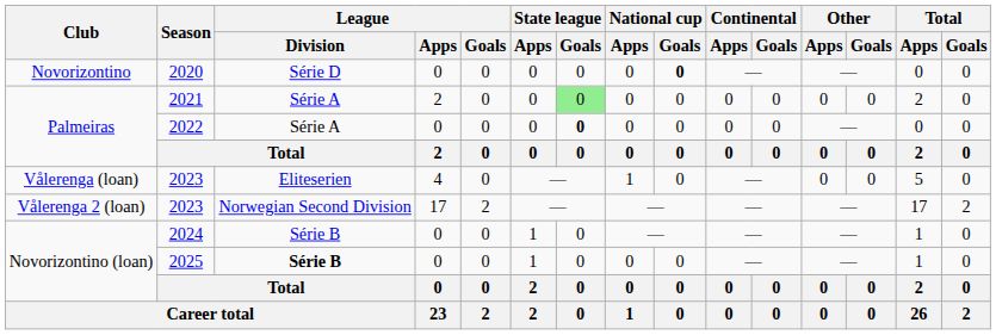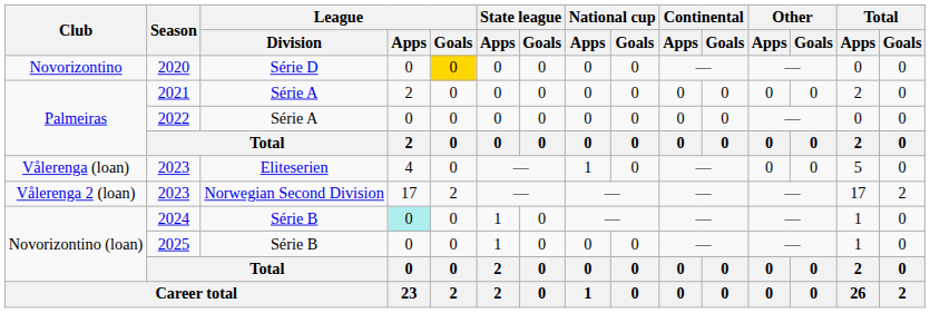 <table class="wikitable" style="text-align:center">
 <tr>
 <th rowspan="2">Club</th>
 <th rowspan="2">Season</th>
 <th colspan="3">League</th>
 <th colspan="2">State league</th>
 <th colspan="2">National cup</th>
 <th colspan="2">Continental</th>
 <th colspan="2">Other</th>
 <th colspan="2">Total</th>
 </tr>
 <tr>
 <th>Division</th>
 <th>Apps</th>
 <th>Goals</th>
 <th>Apps</th>
 <th>Goals</th>
 <th>Apps</th>
 <th>Goals</th>
 <th>Apps</th>
 <th>Goals</th>
 <th>Apps</th>
 <th>Goals</th>
 <th>Apps</th>
 <th>Goals</th>
 </tr>
 <tr>
 <td><a href='#'>Novorizontino</a></td>
 <td><a href='#'>2020</a></td>
 <td><a href='#'>Série D</a></td>
 <td>0</td>
+<td style="background: gold;">0</td>
 <td>0</td>
 <td>0</td>
 <td>0</td>
 <td>0</td>
-<td><strong>0</strong></td>
 <td colspan="2">—</td>
 <td colspan="2">—</td>
 <td>0</td>
 <td>0</td>
 </tr>
 <tr>
 <td rowspan="3"><a href='#'>Palmeiras</a></td>
 <td><a href='#'>2021</a></td>
 <td><a href='#'>Série A</a></td>
 <td>2</td>
 <td>0</td>
 <td>0</td>
-<td style="background: lightgreen;">0</td>
+<td>0</td>
 <td>0</td>
 <td>0</td>
 <td>0</td>
 <td>0</td>
 <td>0</td>
 <td>0</td>
 <td>2</td>
 <td>0</td>
 </tr>
 <tr>
 <td><a href='#'>2022</a></td>
 <td>Série A</td>
 <td>0</td>
 <td>0</td>
 <td>0</td>
-<td><strong>0</strong></td>
+<td>0</td>
 <td>0</td>
 <td>0</td>
 <td>0</td>
 <td>0</td>
 <td colspan="2">—</td>
 <td>0</td>
 <td>0</td>
 </tr>
 <tr>
 <th colspan="2">Total</th>
 <th>2</th>
 <th>0</th>
 <th>0</th>
 <th>0</th>
 <th>0</th>
 <th>0</th>
 <th>0</th>
 <th>0</th>
 <th>0</th>
 <th>0</th>
 <th>2</th>
 <th>0</th>
 </tr>
 <tr>
 <td><a href='#'>Vålerenga</a> (loan)</td>
 <td><a href='#'>2023</a></td>
 <td><a href='#'>Eliteserien</a></td>
 <td>4</td>
 <td>0</td>
 <td colspan="2">—</td>
 <td>1</td>
 <td>0</td>
 <td colspan="2">—</td>
 <td>0</td>
 <td>0</td>
 <td>5</td>
 <td>0</td>
 </tr>
 <tr>
 <td><a href='#'>Vålerenga 2</a> (loan)</td>
 <td><a href='#'>2023</a></td>
 <td><a href='#'>Norwegian Second Division</a></td>
 <td>17</td>
 <td>2</td>
 <td colspan="2">—</td>
 <td colspan="2">—</td>
 <td colspan="2">—</td>
 <td colspan="2">—</td>
 <td>17</td>
 <td>2</td>
 </tr>
 <tr>
 <td rowspan="3">Novorizontino (loan)</td>
 <td><a href='#'>2024</a></td>
 <td><a href='#'>Série B</a></td>
-<td>0</td>
+<td style="background: paleturquoise;">0</td>
 <td>0</td>
 <td>1</td>
 <td>0</td>
 <td colspan="2">—</td>
 <td colspan="2">—</td>
 <td colspan="2">—</td>
 <td>1</td>
 <td>0</td>
 </tr>
 <tr>
 <td><a href='#'>2025</a></td>
-<td><strong>Série B</strong></td>
+<td>Série B</td>
 <td>0</td>
 <td>0</td>
 <td>1</td>
 <td>0</td>
 <td>0</td>
 <td>0</td>
 <td colspan="2">—</td>
 <td colspan="2">—</td>
 <td>1</td>
 <td>0</td>
 </tr>
 <tr>
 <th colspan="2">Total</th>
 <th>0</th>
 <th>0</th>
 <th>2</th>
 <th>0</th>
 <th>0</th>
 <th>0</th>
 <th>0</th>
 <th>0</th>
 <th>0</th>
 <th>0</th>
 <th>2</th>
 <th>0</th>
 </tr>
 <tr>
 <th colspan="3">Career total</th>
 <th>23</th>
 <th>2</th>
 <th>2</th>
 <th>0</th>
 <th>1</th>
 <th>0</th>
 <th>0</th>
 <th>0</th>
 <th>0</th>
 <th>0</th>
 <th>26</th>
 <th>2</th>
 </tr>
 </table>
